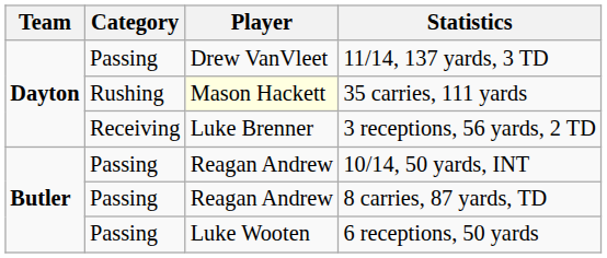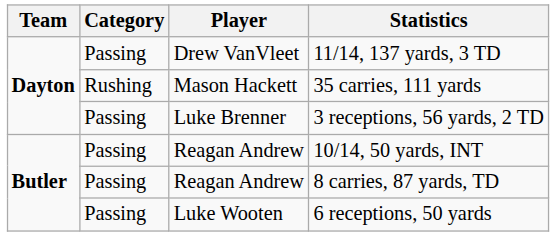 <table class="wikitable" style="float: right;">
 <tr>
 <th>Team</th>
 <th>Category</th>
 <th>Player</th>
 <th>Statistics</th>
 </tr>
 <tr>
 <td rowspan=3><strong>Dayton</strong></td>
 <td>Passing</td>
 <td>Drew VanVleet</td>
 <td>11/14, 137 yards, 3 TD</td>
 </tr>
 <tr>
 <td>Rushing</td>
-<td style="background: lightyellow;">Mason Hackett</td>
+<td>Mason Hackett</td>
 <td>35 carries, 111 yards</td>
 </tr>
 <tr>
-<td>Receiving</td>
+<td>Passing</td>
 <td>Luke Brenner</td>
 <td>3 receptions, 56 yards, 2 TD</td>
 </tr>
 <tr>
 <td rowspan=3><strong>Butler</strong></td>
 <td>Passing</td>
 <td>Reagan Andrew</td>
 <td>10/14, 50 yards, INT</td>
 </tr>
 <tr>
 <td>Passing</td>
 <td>Reagan Andrew</td>
 <td>8 carries, 87 yards, TD</td>
 </tr>
 <tr>
 <td>Passing</td>
 <td>Luke Wooten</td>
 <td>6 receptions, 50 yards</td>
 </tr>
 </table>
